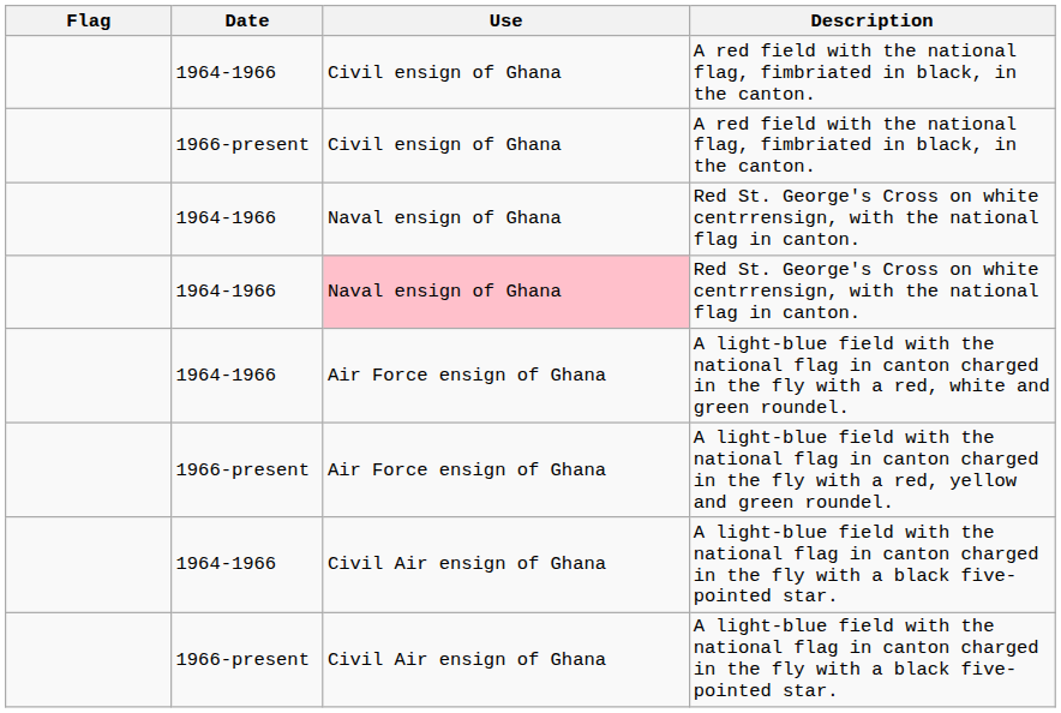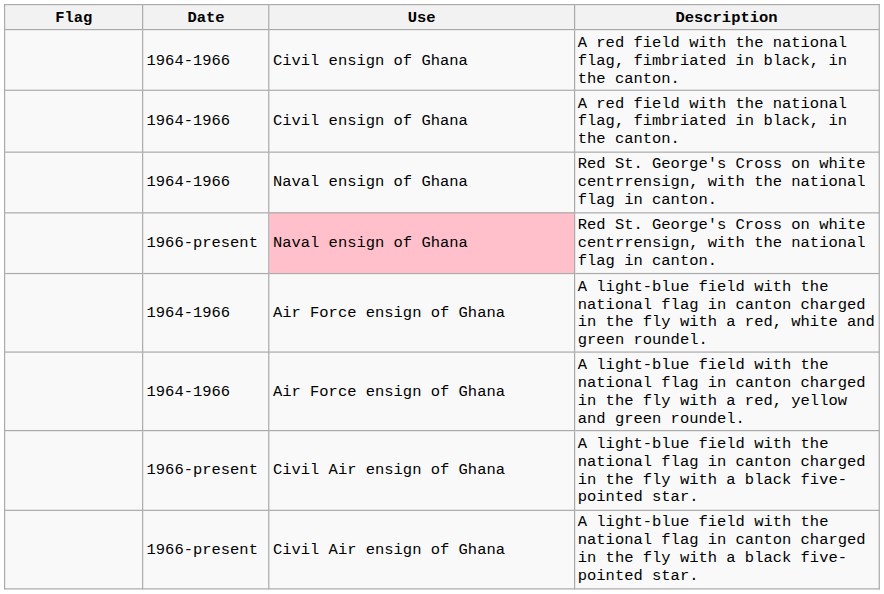 <table class="wikitable">
 <tr>
 <th style="width:110px;">Flag</th>
 <th style="width:100px;">Date</th>
 <th style="width:250px;">Use</th>
 <th style="width:250px;">Description</th>
 </tr>
 <tr>
 <td></td>
 <td>1964-1966</td>
 <td>Civil ensign of Ghana</td>
 <td>A red field with the national flag, fimbriated in black, in the canton.</td>
 </tr>
 <tr>
 <td></td>
-<td>1966-present</td>
+<td>1964-1966</td>
 <td>Civil ensign of Ghana</td>
 <td>A red field with the national flag, fimbriated in black, in the canton.</td>
 </tr>
 <tr>
 <td></td>
 <td>1964-1966</td>
 <td>Naval ensign of Ghana</td>
 <td>Red St. George's Cross on white centrrensign, with the national flag in canton.</td>
 </tr>
 <tr>
 <td></td>
-<td>1964-1966</td>
+<td>1966-present</td>
 <td style="background: pink;">Naval ensign of Ghana</td>
 <td>Red St. George's Cross on white centrrensign, with the national flag in canton.</td>
 </tr>
 <tr>
 <td></td>
 <td>1964-1966</td>
 <td>Air Force ensign of Ghana</td>
 <td>A light-blue field with the national flag in canton charged in the fly with a red, white and green roundel.</td>
 </tr>
 <tr>
 <td></td>
-<td>1966-present</td>
+<td>1964-1966</td>
 <td>Air Force ensign of Ghana</td>
 <td>A light-blue field with the national flag in canton charged in the fly with a red, yellow and green roundel.</td>
 </tr>
 <tr>
 <td></td>
-<td>1964-1966</td>
+<td>1966-present</td>
 <td>Civil Air ensign of Ghana</td>
 <td>A light-blue field with the national flag in canton charged in the fly with a black five-pointed star.</td>
 </tr>
 <tr>
 <td></td>
 <td>1966-present</td>
 <td>Civil Air ensign of Ghana</td>
 <td>A light-blue field with the national flag in canton charged in the fly with a black five-pointed star.</td>
 </tr>
 </table>
